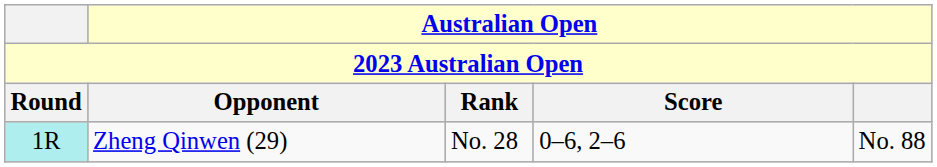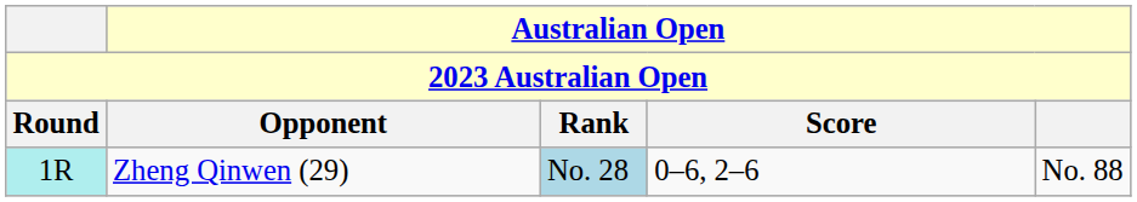 <table class="wikitable collapsible collapsed">
 <tr>
 <th></th>
 <th colspan=4 style="background:#ffc;"><a href='#'>Australian Open</a></th>
 </tr>
 <tr>
 <th colspan=5 style="background:#ffc;"><a href='#'>2023 Australian Open</a></th>
 </tr>
 <tr>
 <th>Round</th>
 <th width=225>Opponent</th>
 <th width=50>Rank</th>
 <th width=200>Score</th>
 <th></th>
 </tr>
 <tr>
 <td style="text-align:center; background:#afeeee;">1R</td>
 <td> <a href='#'>Zheng Qinwen</a> (29)</td>
-<td>No. 28</td>
+<td style="background: lightblue;">No. 28</td>
 <td>0–6, 2–6</td>
 <td>No. 88</td>
 </tr>
 </table>
